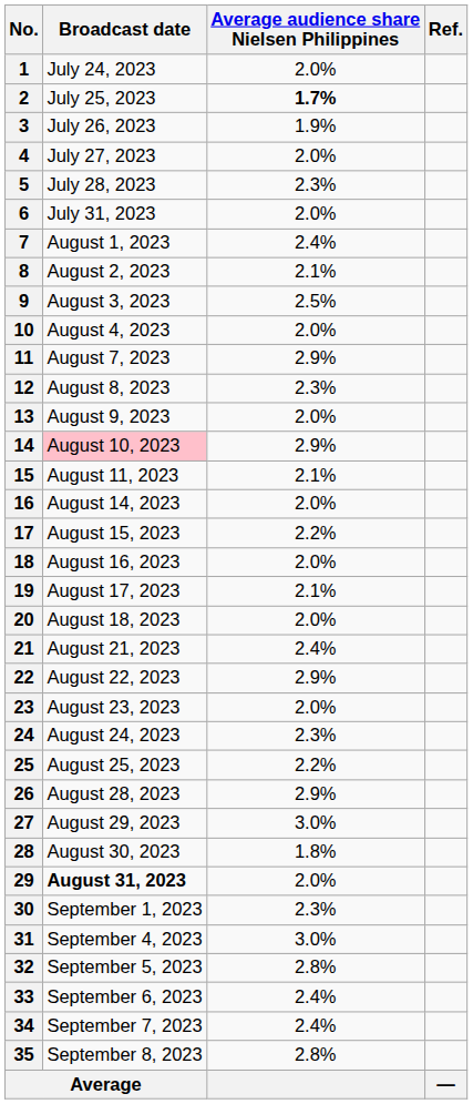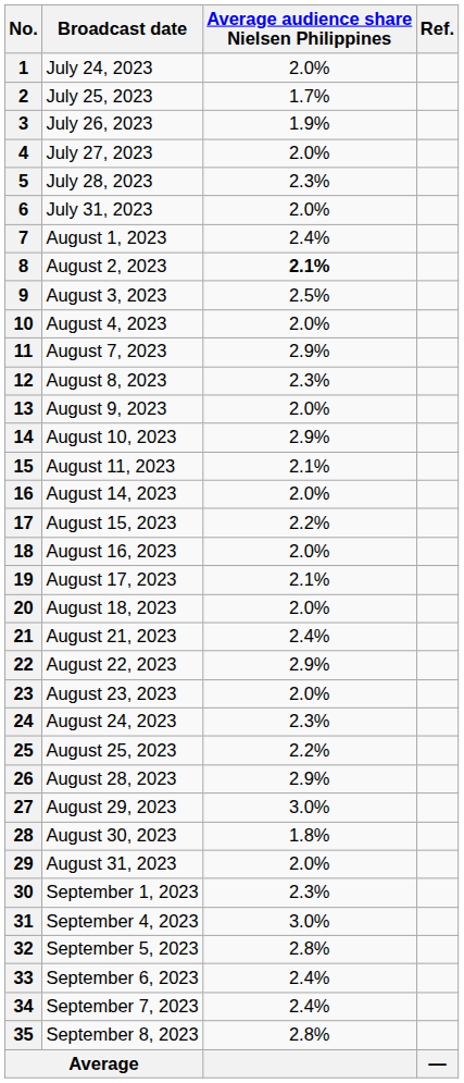 <table class="wikitable">
 <tr>
 <th>No.</th>
 <th>Broadcast date</th>
 <th><a href='#'>Average audience share</a><br>Nielsen Philippines</th>
 <th>Ref.</th>
 </tr>
 <tr>
 <th>1</th>
 <td>July 24, 2023</td>
 <td style="text-align: center;">2.0%</td>
 <td style="text-align: center;"></td>
 </tr>
 <tr>
 <th>2</th>
 <td>July 25, 2023</td>
-<td style="text-align: center;"><strong>1.7%</strong></td>
+<td style="text-align: center;">1.7%</td>
 <td style="text-align: center;"></td>
 </tr>
 <tr>
 <th>3</th>
 <td>July 26, 2023</td>
 <td style="text-align: center;">1.9%</td>
 <td style="text-align: center;"></td>
 </tr>
 <tr>
 <th>4</th>
 <td>July 27, 2023</td>
 <td style="text-align: center;">2.0%</td>
 <td style="text-align: center;"></td>
 </tr>
 <tr>
 <th>5</th>
 <td>July 28, 2023</td>
 <td style="text-align: center;">2.3%</td>
 <td style="text-align: center;"></td>
 </tr>
 <tr>
 <th>6</th>
 <td>July 31, 2023</td>
 <td style="text-align: center;">2.0%</td>
 <td style="text-align: center;"></td>
 </tr>
 <tr>
 <th>7</th>
 <td>August 1, 2023</td>
 <td style="text-align: center;">2.4%</td>
 <td style="text-align: center;"></td>
 </tr>
 <tr>
 <th>8</th>
 <td>August 2, 2023</td>
-<td style="text-align: center;">2.1%</td>
+<td style="text-align: center;"><strong>2.1%</strong></td>
 <td style="text-align: center;"></td>
 </tr>
 <tr>
 <th>9</th>
 <td>August 3, 2023</td>
 <td style="text-align: center;">2.5%</td>
 <td style="text-align: center;"></td>
 </tr>
 <tr>
 <th>10</th>
 <td>August 4, 2023</td>
 <td style="text-align: center;">2.0%</td>
 <td style="text-align: center;"></td>
 </tr>
 <tr>
 <th>11</th>
 <td>August 7, 2023</td>
 <td style="text-align: center;">2.9%</td>
 <td style="text-align: center;"></td>
 </tr>
 <tr>
 <th>12</th>
 <td>August 8, 2023</td>
 <td style="text-align: center;">2.3%</td>
 <td style="text-align: center;"></td>
 </tr>
 <tr>
 <th>13</th>
 <td>August 9, 2023</td>
 <td style="text-align: center;">2.0%</td>
 <td style="text-align: center;"></td>
 </tr>
 <tr>
 <th>14</th>
-<td style="background: pink;">August 10, 2023</td>
+<td>August 10, 2023</td>
 <td style="text-align: center;">2.9%</td>
 <td style="text-align: center;"></td>
 </tr>
 <tr>
 <th>15</th>
 <td>August 11, 2023</td>
 <td style="text-align: center;">2.1%</td>
 <td style="text-align: center;"></td>
 </tr>
 <tr>
 <th>16</th>
 <td>August 14, 2023</td>
 <td style="text-align: center;">2.0%</td>
 <td style="text-align: center;"></td>
 </tr>
 <tr>
 <th>17</th>
 <td>August 15, 2023</td>
 <td style="text-align: center;">2.2%</td>
 <td style="text-align: center;"></td>
 </tr>
 <tr>
 <th>18</th>
 <td>August 16, 2023</td>
 <td style="text-align: center;">2.0%</td>
 <td style="text-align: center;"></td>
 </tr>
 <tr>
 <th>19</th>
 <td>August 17, 2023</td>
 <td style="text-align: center;">2.1%</td>
 <td style="text-align: center;"></td>
 </tr>
 <tr>
 <th>20</th>
 <td>August 18, 2023</td>
 <td style="text-align: center;">2.0%</td>
 <td style="text-align: center;"></td>
 </tr>
 <tr>
 <th>21</th>
 <td>August 21, 2023</td>
 <td style="text-align: center;">2.4%</td>
 <td style="text-align: center;"></td>
 </tr>
 <tr>
 <th>22</th>
 <td>August 22, 2023</td>
 <td style="text-align: center;">2.9%</td>
 <td style="text-align: center;"></td>
 </tr>
 <tr>
 <th>23</th>
 <td>August 23, 2023</td>
 <td style="text-align: center;">2.0%</td>
 <td style="text-align: center;"></td>
 </tr>
 <tr>
 <th>24</th>
 <td>August 24, 2023</td>
 <td style="text-align: center;">2.3%</td>
 <td style="text-align: center;"></td>
 </tr>
 <tr>
 <th>25</th>
 <td>August 25, 2023</td>
 <td style="text-align: center;">2.2%</td>
 <td style="text-align: center;"></td>
 </tr>
 <tr>
 <th>26</th>
 <td>August 28, 2023</td>
 <td style="text-align: center;">2.9%</td>
 <td style="text-align: center;"></td>
 </tr>
 <tr>
 <th>27</th>
 <td>August 29, 2023</td>
 <td style="text-align: center;">3.0%</td>
 <td style="text-align: center;"></td>
 </tr>
 <tr>
 <th>28</th>
 <td>August 30, 2023</td>
 <td style="text-align: center;">1.8%</td>
 <td style="text-align: center;"></td>
 </tr>
 <tr>
 <th>29</th>
-<td><strong>August 31, 2023</strong></td>
+<td>August 31, 2023</td>
 <td style="text-align: center;">2.0%</td>
 <td style="text-align: center;"></td>
 </tr>
 <tr>
 <th>30</th>
 <td>September 1, 2023</td>
 <td style="text-align: center;">2.3%</td>
 <td style="text-align: center;"></td>
 </tr>
 <tr>
 <th>31</th>
 <td>September 4, 2023</td>
 <td style="text-align: center;">3.0%</td>
 <td style="text-align: center;"></td>
 </tr>
 <tr>
 <th>32</th>
 <td>September 5, 2023</td>
 <td style="text-align: center;">2.8%</td>
 <td style="text-align: center;"></td>
 </tr>
 <tr>
 <th>33</th>
 <td>September 6, 2023</td>
 <td style="text-align: center;">2.4%</td>
 <td style="text-align: center;"></td>
 </tr>
 <tr>
 <th>34</th>
 <td>September 7, 2023</td>
 <td style="text-align: center;">2.4%</td>
 <td style="text-align: center;"></td>
 </tr>
 <tr>
 <th>35</th>
 <td>September 8, 2023</td>
 <td style="text-align: center;">2.8%</td>
 <td style="text-align: center;"></td>
 </tr>
 <tr>
 <th colspan="2">Average</th>
 <th></th>
 <th>—</th>
 </tr>
 </table>
